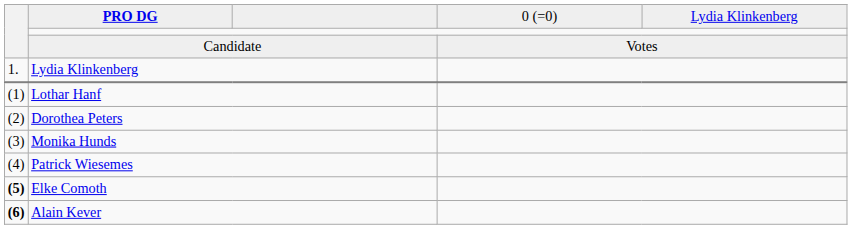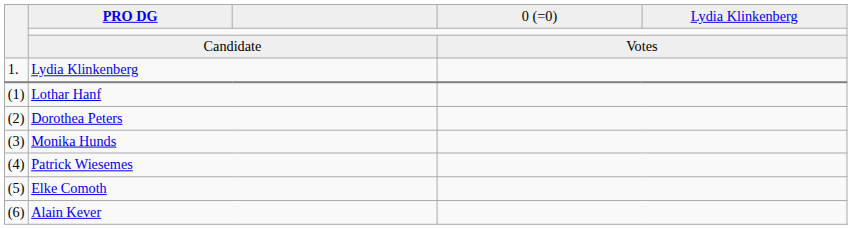 <table class="wikitable collapsible collapsed" style=text-align:left;font-size:90%>
 <tr>
 <th rowspan=3></th>
 <td bgcolor=efefef width=200 align=center><strong> <a href='#'>PRO DG</a> </strong></td>
 <td bgcolor=efefef width=200 align=center></td>
 <td bgcolor=efefef width=200 align=center>0 (=0)</td>
 <td bgcolor=efefef width=200 align=center><a href='#'>Lydia Klinkenberg</a></td>
 </tr>
 <tr>
 <td colspan=4 bgcolor=></td>
 </tr>
 <tr>
 <td bgcolor=efefef align=center colspan=2>Candidate</td>
 <td bgcolor=efefef align=center colspan=2>Votes</td>
 </tr>
 <tr>
 <td>1.</td>
 <td colspan=2><a href='#'>Lydia Klinkenberg</a></td>
 <td colspan=2></td>
 </tr>
 <tr style="border-top:2px solid gray;">
 <td>(1)</td>
 <td colspan=2><a href='#'>Lothar Hanf</a></td>
 <td colspan=2></td>
 </tr>
 <tr>
 <td>(2)</td>
 <td colspan=2><a href='#'>Dorothea Peters</a></td>
 <td colspan=2></td>
 </tr>
 <tr>
 <td>(3)</td>
 <td colspan=2><a href='#'>Monika Hunds</a></td>
 <td colspan=2></td>
 </tr>
 <tr>
 <td>(4)</td>
 <td colspan=2><a href='#'>Patrick Wiesemes</a></td>
 <td colspan=2></td>
 </tr>
 <tr>
-<td><strong>(5)</strong></td>
+<td>(5)</td>
 <td colspan=2><a href='#'>Elke Comoth</a></td>
 <td colspan=2></td>
 </tr>
 <tr>
-<td><strong>(6)</strong></td>
+<td>(6)</td>
 <td colspan=2><a href='#'>Alain Kever</a></td>
 <td colspan=2></td>
 </tr>
 </table>
